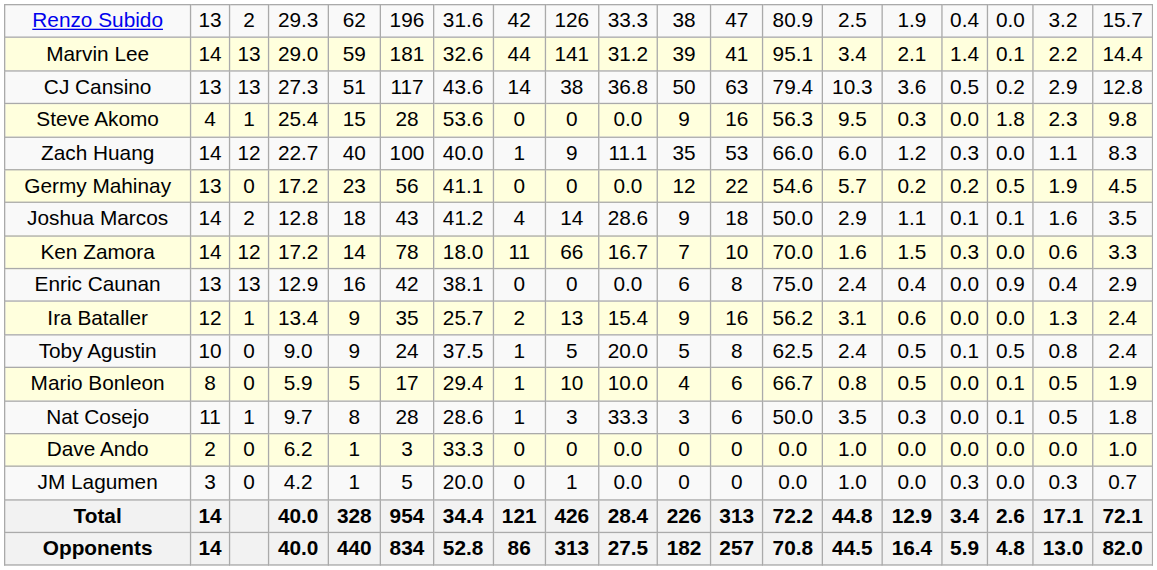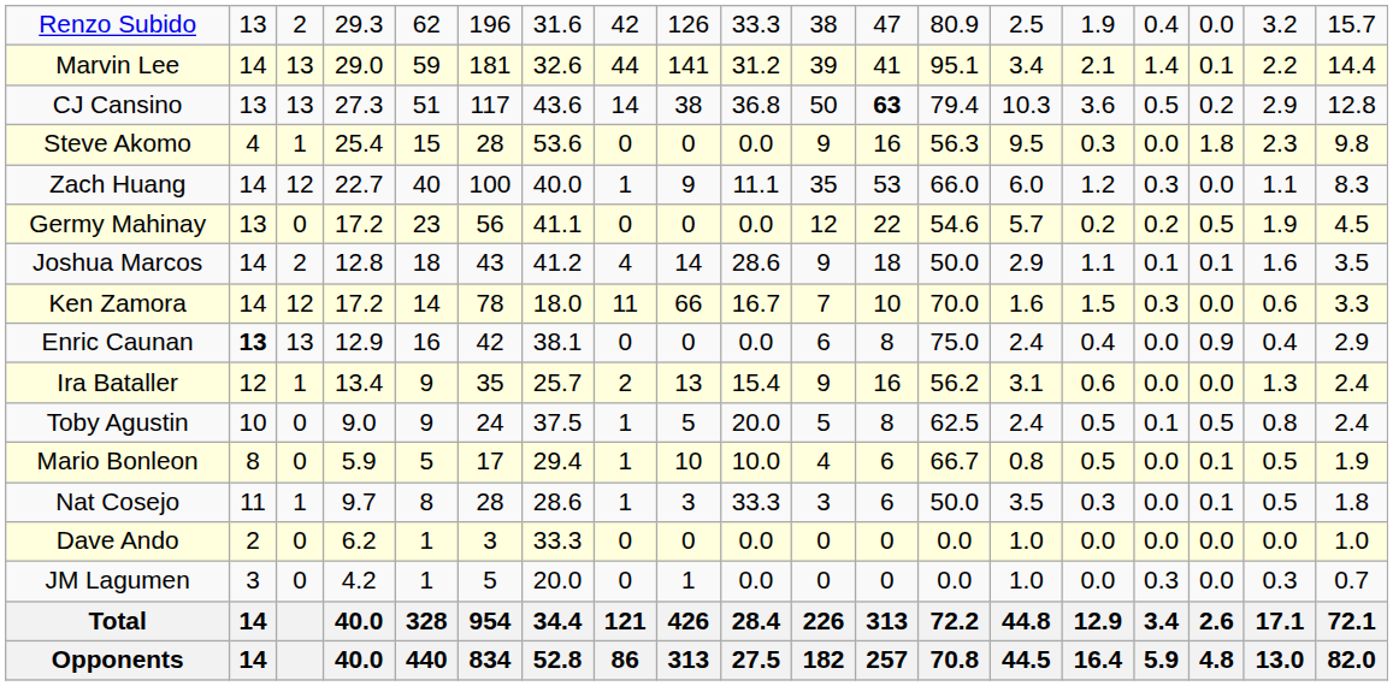 <table class=wikitable width=100%>
 <tr align=center>
 <td><a href='#'>Renzo Subido</a></td>
 <td>13</td>
 <td>2</td>
 <td style=>29.3</td>
 <td>62</td>
 <td>196</td>
 <td>31.6</td>
 <td>42</td>
 <td>126</td>
 <td>33.3</td>
 <td>38</td>
 <td>47</td>
 <td>80.9</td>
 <td>2.5</td>
 <td>1.9</td>
 <td>0.4</td>
 <td>0.0</td>
 <td>3.2</td>
 <td style=>15.7</td>
 </tr>
 <tr bgcolor=#ffffdd align=center>
 <td>Marvin Lee</td>
 <td>14</td>
 <td>13</td>
 <td>29.0</td>
 <td>59</td>
 <td>181</td>
 <td>32.6</td>
 <td>44</td>
 <td>141</td>
 <td>31.2</td>
 <td>39</td>
 <td>41</td>
 <td style=>95.1</td>
 <td>3.4</td>
 <td>2.1</td>
 <td style=>1.4</td>
 <td>0.1</td>
 <td>2.2</td>
 <td>14.4</td>
 </tr>
 <tr align=center>
 <td>CJ Cansino</td>
 <td>13</td>
 <td>13</td>
 <td>27.3</td>
 <td>51</td>
 <td>117</td>
 <td>43.6</td>
 <td>14</td>
 <td>38</td>
 <td style=>36.8</td>
 <td>50</td>
-<td>63</td>
+<td><strong>63</strong></td>
 <td>79.4</td>
 <td style=>10.3</td>
 <td style=>3.6</td>
 <td>0.5</td>
 <td>0.2</td>
 <td>2.9</td>
 <td>12.8</td>
 </tr>
 <tr bgcolor=#ffffdd align=center>
 <td>Steve Akomo</td>
 <td>4</td>
 <td>1</td>
 <td>25.4</td>
 <td>15</td>
 <td>28</td>
 <td style=>53.6</td>
 <td>0</td>
 <td>0</td>
 <td>0.0</td>
 <td>9</td>
 <td>16</td>
 <td>56.3</td>
 <td>9.5</td>
 <td>0.3</td>
 <td>0.0</td>
 <td style=>1.8</td>
 <td>2.3</td>
 <td>9.8</td>
 </tr>
 <tr align=center>
 <td>Zach Huang</td>
 <td>14</td>
 <td>12</td>
 <td>22.7</td>
 <td>40</td>
 <td>100</td>
 <td>40.0</td>
 <td>1</td>
 <td>9</td>
 <td>11.1</td>
 <td>35</td>
 <td>53</td>
 <td>66.0</td>
 <td>6.0</td>
 <td>1.2</td>
 <td>0.3</td>
 <td>0.0</td>
 <td>1.1</td>
 <td>8.3</td>
 </tr>
 <tr bgcolor=#ffffdd align=center>
 <td>Germy Mahinay</td>
 <td>13</td>
 <td>0</td>
 <td>17.2</td>
 <td>23</td>
 <td>56</td>
 <td>41.1</td>
 <td>0</td>
 <td>0</td>
 <td>0.0</td>
 <td>12</td>
 <td>22</td>
 <td>54.6</td>
 <td>5.7</td>
 <td>0.2</td>
 <td>0.2</td>
 <td>0.5</td>
 <td>1.9</td>
 <td>4.5</td>
 </tr>
 <tr align=center>
 <td>Joshua Marcos</td>
 <td>14</td>
 <td>2</td>
 <td>12.8</td>
 <td>18</td>
 <td>43</td>
 <td>41.2</td>
 <td>4</td>
 <td>14</td>
 <td>28.6</td>
 <td>9</td>
 <td>18</td>
 <td>50.0</td>
 <td>2.9</td>
 <td>1.1</td>
 <td>0.1</td>
 <td>0.1</td>
 <td>1.6</td>
 <td>3.5</td>
 </tr>
 <tr bgcolor=#ffffdd align=center>
 <td>Ken Zamora</td>
 <td>14</td>
 <td>12</td>
 <td>17.2</td>
 <td>14</td>
 <td>78</td>
 <td>18.0</td>
 <td>11</td>
 <td>66</td>
 <td>16.7</td>
 <td>7</td>
 <td>10</td>
 <td>70.0</td>
 <td>1.6</td>
 <td>1.5</td>
 <td>0.3</td>
 <td>0.0</td>
 <td>0.6</td>
 <td>3.3</td>
 </tr>
 <tr align=center>
 <td>Enric Caunan</td>
-<td>13</td>
+<td><strong>13</strong></td>
 <td>13</td>
 <td>12.9</td>
 <td>16</td>
 <td>42</td>
 <td>38.1</td>
 <td>0</td>
 <td>0</td>
 <td>0.0</td>
 <td>6</td>
 <td>8</td>
 <td>75.0</td>
 <td>2.4</td>
 <td>0.4</td>
 <td>0.0</td>
 <td>0.9</td>
 <td>0.4</td>
 <td>2.9</td>
 </tr>
 <tr bgcolor=#ffffdd align=center>
 <td>Ira Bataller</td>
 <td>12</td>
 <td>1</td>
 <td>13.4</td>
 <td>9</td>
 <td>35</td>
 <td>25.7</td>
 <td>2</td>
 <td>13</td>
 <td>15.4</td>
 <td>9</td>
 <td>16</td>
 <td>56.2</td>
 <td>3.1</td>
 <td>0.6</td>
 <td>0.0</td>
 <td>0.0</td>
 <td>1.3</td>
 <td>2.4</td>
 </tr>
 <tr align=center>
 <td>Toby Agustin</td>
 <td>10</td>
 <td>0</td>
 <td>9.0</td>
 <td>9</td>
 <td>24</td>
 <td>37.5</td>
 <td>1</td>
 <td>5</td>
 <td>20.0</td>
 <td>5</td>
 <td>8</td>
 <td>62.5</td>
 <td>2.4</td>
 <td>0.5</td>
 <td>0.1</td>
 <td>0.5</td>
 <td>0.8</td>
 <td>2.4</td>
 </tr>
 <tr bgcolor=#ffffdd align=center>
 <td>Mario Bonleon</td>
 <td>8</td>
 <td>0</td>
 <td>5.9</td>
 <td>5</td>
 <td>17</td>
 <td>29.4</td>
 <td>1</td>
 <td>10</td>
 <td>10.0</td>
 <td>4</td>
 <td>6</td>
 <td>66.7</td>
 <td>0.8</td>
 <td>0.5</td>
 <td>0.0</td>
 <td>0.1</td>
 <td>0.5</td>
 <td>1.9</td>
 </tr>
 <tr align=center>
 <td>Nat Cosejo</td>
 <td>11</td>
 <td>1</td>
 <td>9.7</td>
 <td>8</td>
 <td>28</td>
 <td>28.6</td>
 <td>1</td>
 <td>3</td>
 <td>33.3</td>
 <td>3</td>
 <td>6</td>
 <td>50.0</td>
 <td>3.5</td>
 <td>0.3</td>
 <td>0.0</td>
 <td>0.1</td>
 <td>0.5</td>
 <td>1.8</td>
 </tr>
 <tr bgcolor=#ffffdd align=center>
 <td>Dave Ando</td>
 <td>2</td>
 <td>0</td>
 <td>6.2</td>
 <td>1</td>
 <td>3</td>
 <td>33.3</td>
 <td>0</td>
 <td>0</td>
 <td>0.0</td>
 <td>0</td>
 <td>0</td>
 <td>0.0</td>
 <td>1.0</td>
 <td>0.0</td>
 <td>0.0</td>
 <td>0.0</td>
 <td>0.0</td>
 <td>1.0</td>
 </tr>
 <tr align=center>
 <td>JM Lagumen</td>
 <td>3</td>
 <td>0</td>
 <td>4.2</td>
 <td>1</td>
 <td>5</td>
 <td>20.0</td>
 <td>0</td>
 <td>1</td>
 <td>0.0</td>
 <td>0</td>
 <td>0</td>
 <td>0.0</td>
 <td>1.0</td>
 <td>0.0</td>
 <td>0.3</td>
 <td>0.0</td>
 <td>0.3</td>
 <td>0.7</td>
 </tr>
 <tr class=sortbottom>
 <th>Total</th>
 <th>14</th>
 <th></th>
 <th>40.0</th>
 <th>328</th>
 <th>954</th>
 <th>34.4</th>
 <th>121</th>
 <th>426</th>
 <th>28.4</th>
 <th>226</th>
 <th>313</th>
 <th>72.2</th>
 <th>44.8</th>
 <th>12.9</th>
 <th>3.4</th>
 <th>2.6</th>
 <th>17.1</th>
 <th>72.1</th>
 </tr>
 <tr class=sortbottom>
 <th>Opponents</th>
 <th>14</th>
 <th></th>
 <th>40.0</th>
 <th>440</th>
 <th>834</th>
 <th>52.8</th>
 <th>86</th>
 <th>313</th>
 <th>27.5</th>
 <th>182</th>
 <th>257</th>
 <th>70.8</th>
 <th>44.5</th>
 <th>16.4</th>
 <th>5.9</th>
 <th>4.8</th>
 <th>13.0</th>
 <th>82.0</th>
 </tr>
 </table>
